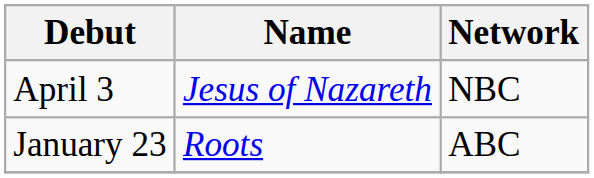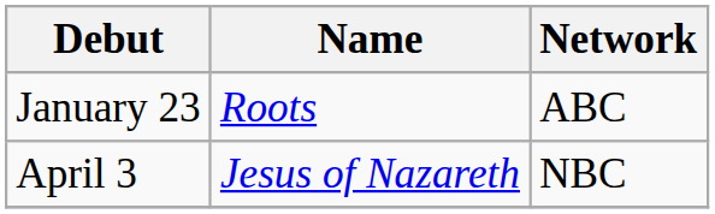 <table class="wikitable">
 <tr bgcolor="#CCCCCC">
 <th>Debut</th>
 <th>Name</th>
 <th>Network</th>
 </tr>
 <tr>
+<td>January 23</td>
+<td><em><a href='#'>Roots</a></em></td>
+<td>ABC</td>
+</tr>
+<tr>
 <td>April 3</td>
 <td><em><a href='#'>Jesus of Nazareth</a></em></td>
 <td>NBC</td>
 </tr>
 <tr>
-<td>January 23</td>
-<td><em><a href='#'>Roots</a></em></td>
-<td>ABC</td>
-</tr>
-<tr>
 </tr>
 </table>
